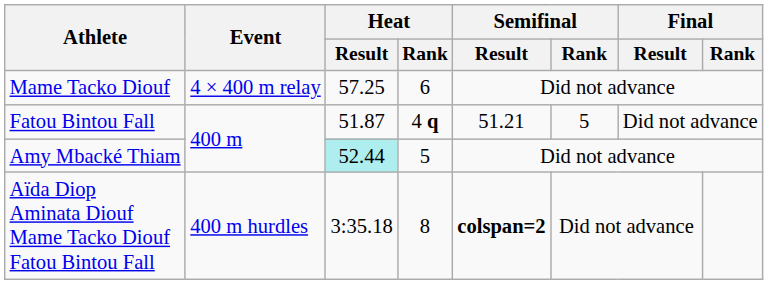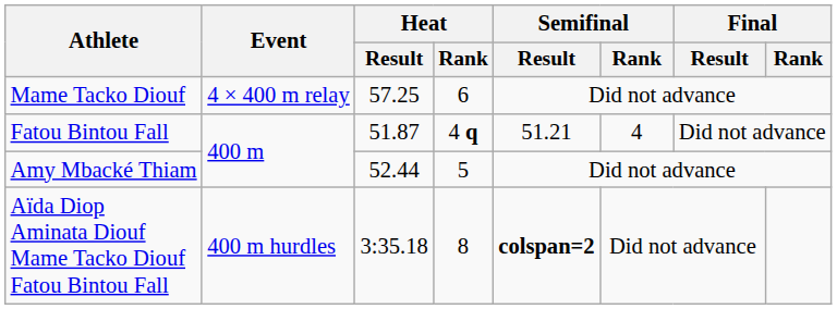 <table class=wikitable style="font-size:90%">
 <tr>
 <th rowspan="2">Athlete</th>
 <th rowspan="2">Event</th>
 <th colspan="2">Heat</th>
 <th colspan="2">Semifinal</th>
 <th colspan="2">Final</th>
 </tr>
 <tr style="font-size:95%">
 <th>Result</th>
 <th>Rank</th>
 <th>Result</th>
 <th>Rank</th>
 <th>Result</th>
 <th>Rank</th>
 </tr>
 <tr align=center>
 <td align=left><a href='#'>Mame Tacko Diouf</a></td>
 <td align=left><a href='#'>4 × 400 m relay</a></td>
 <td>57.25</td>
 <td>6</td>
 <td colspan=4>Did not advance</td>
 </tr>
 <tr align=center>
 <td align=left><a href='#'>Fatou Bintou Fall</a></td>
 <td align=left rowspan=2><a href='#'>400 m</a></td>
 <td>51.87</td>
 <td>4 <strong>q</strong></td>
 <td>51.21</td>
-<td>5</td>
+<td>4</td>
 <td colspan=2>Did not advance</td>
 </tr>
 <tr align=center>
 <td align=left><a href='#'>Amy Mbacké Thiam</a></td>
-<td style="background: paleturquoise;">52.44</td>
+<td>52.44</td>
 <td>5</td>
 <td colspan=4>Did not advance</td>
 </tr>
 <tr align=center>
 <td align=left><a href='#'>Aïda Diop</a><br><a href='#'>Aminata Diouf</a><br><a href='#'>Mame Tacko Diouf</a><br><a href='#'>Fatou Bintou Fall</a></td>
 <td align=left><a href='#'>400 m hurdles</a></td>
 <td>3:35.18</td>
 <td>8</td>
 <td><strong>colspan=2 </strong></td>
 <td colspan=2>Did not advance</td>
 </tr>
 </table>
